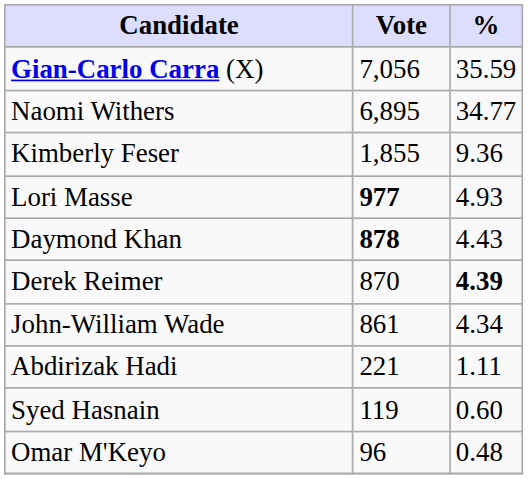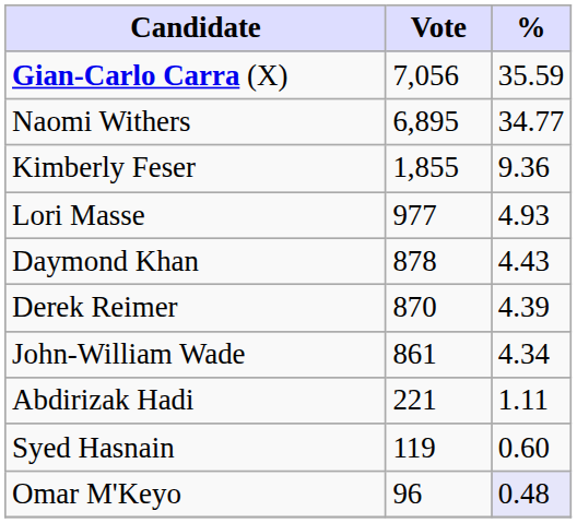 <table class="wikitable">
 <tr>
 <th style="background:#ddf; width:200px;">Candidate</th>
 <th style="background:#ddf; width:50px;">Vote</th>
 <th style="background:#ddf; width:30px;">%</th>
 </tr>
 <tr>
 <td><strong><a href='#'>Gian-Carlo Carra</a></strong> (X)</td>
 <td>7,056</td>
 <td>35.59</td>
 </tr>
 <tr>
 <td>Naomi Withers</td>
 <td>6,895</td>
 <td>34.77</td>
 </tr>
 <tr>
 <td>Kimberly Feser</td>
 <td>1,855</td>
 <td>9.36</td>
 </tr>
 <tr>
 <td>Lori Masse</td>
-<td><strong>977</strong></td>
+<td>977</td>
 <td>4.93</td>
 </tr>
 <tr>
 <td>Daymond Khan</td>
-<td><strong>878</strong></td>
+<td>878</td>
 <td>4.43</td>
 </tr>
 <tr>
 <td>Derek Reimer</td>
 <td>870</td>
-<td><strong>4.39</strong></td>
+<td>4.39</td>
 </tr>
 <tr>
 <td>John-William Wade</td>
 <td>861</td>
 <td>4.34</td>
 </tr>
 <tr>
 <td>Abdirizak Hadi</td>
 <td>221</td>
 <td>1.11</td>
 </tr>
 <tr>
 <td>Syed Hasnain</td>
 <td>119</td>
 <td>0.60</td>
 </tr>
 <tr>
 <td>Omar M'Keyo</td>
 <td>96</td>
-<td>0.48</td>
+<td style="background: lavender;">0.48</td>
 </tr>
 <tr>
 </tr>
 </table>
